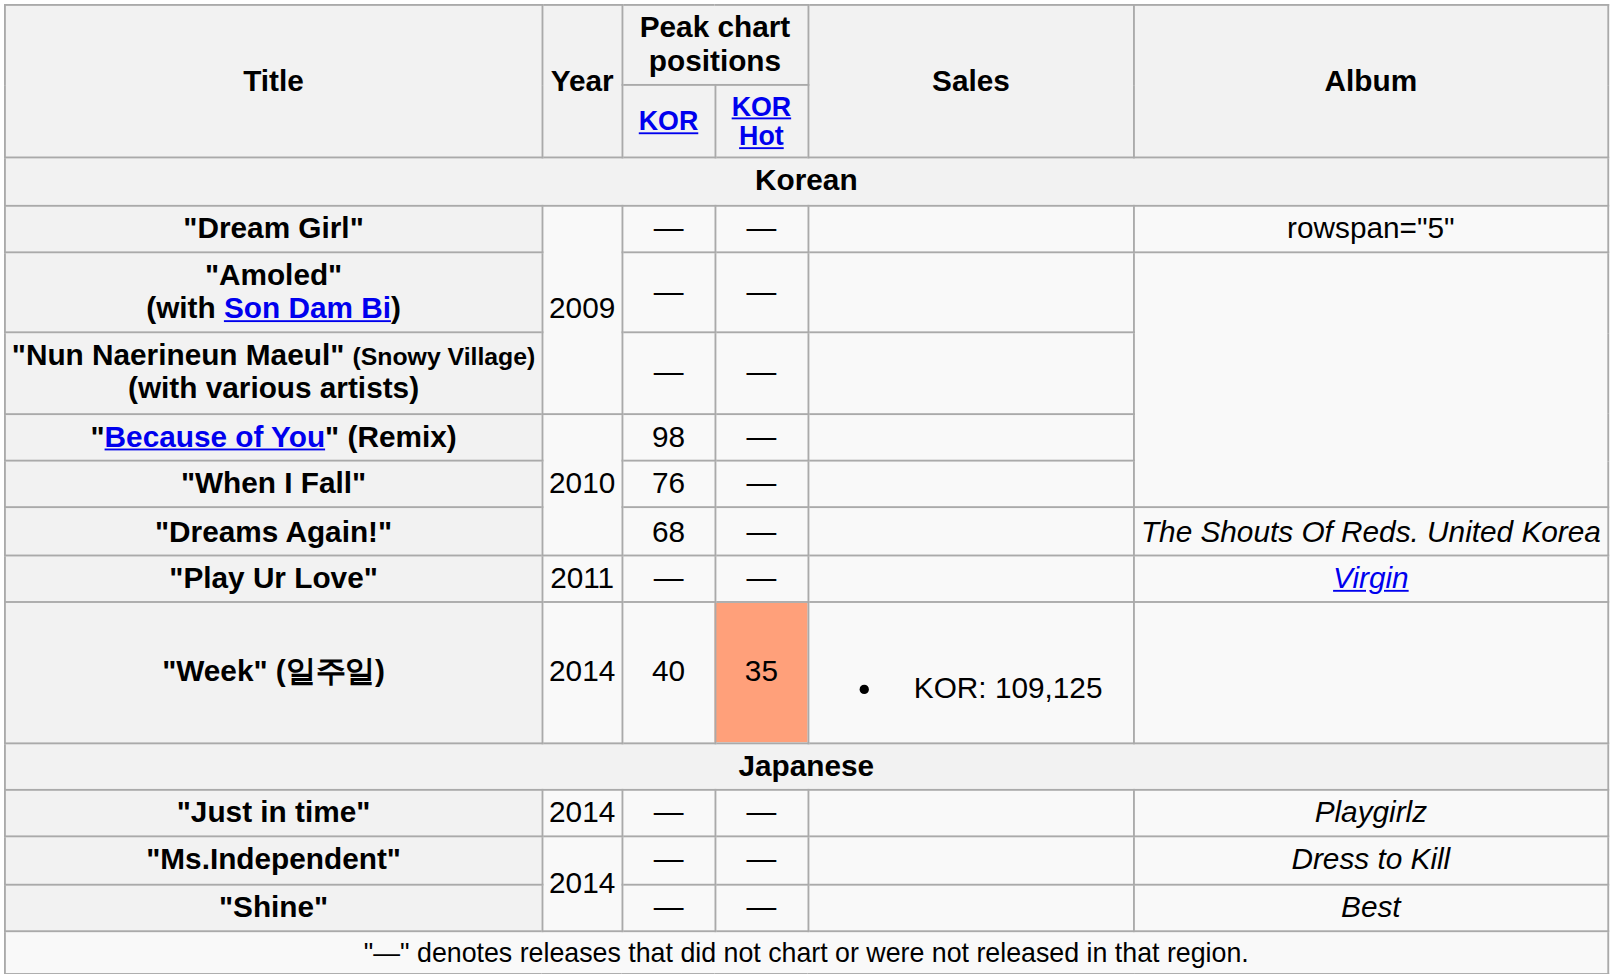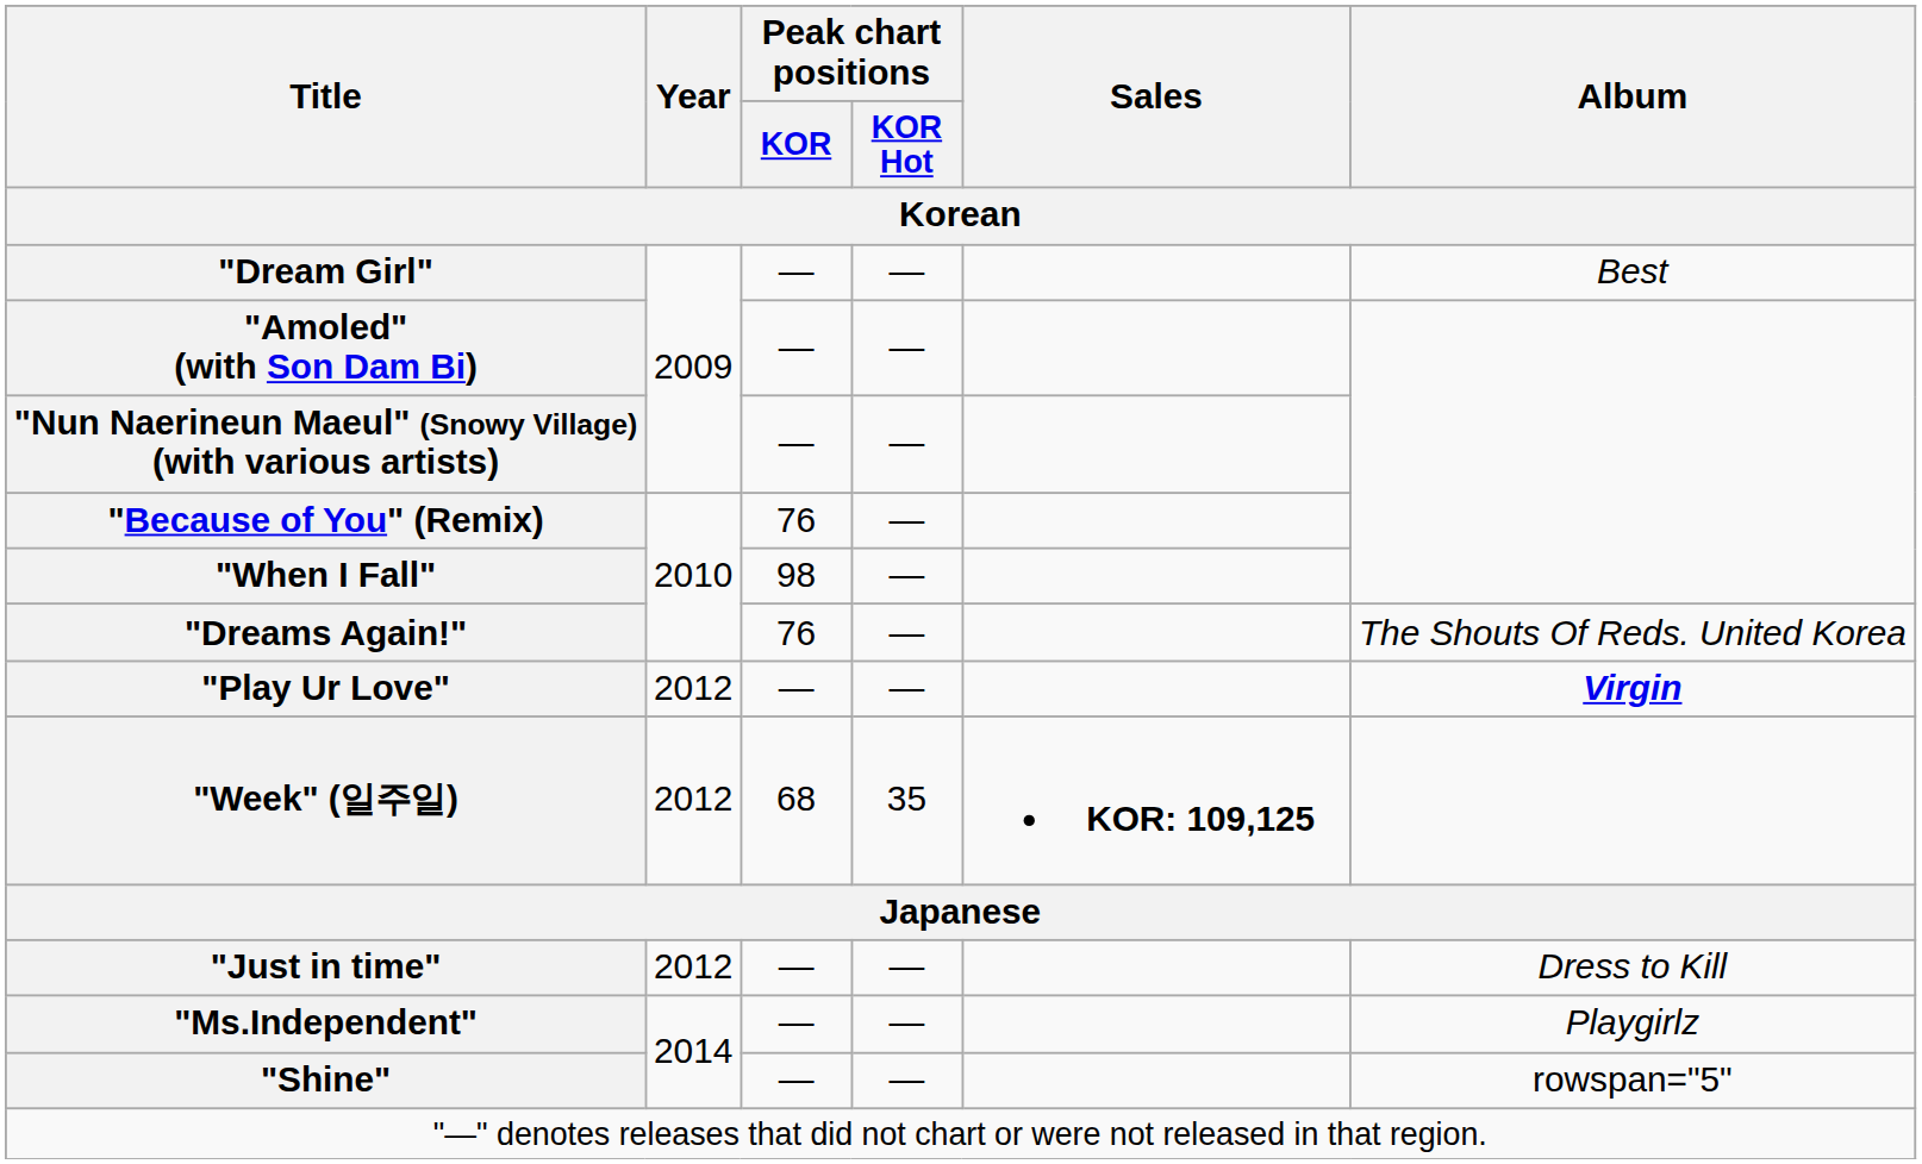 <table class="wikitable plainrowheaders" style="text-align:center;" border="1">
 <tr>
 <th scope="col" rowspan="2">Title</th>
 <th scope="col" rowspan="2">Year</th>
 <th scope="col" colspan="2">Peak chart positions</th>
 <th scope="col" rowspan="2" style="width:10.5em;">Sales</th>
 <th scope="col" rowspan="2">Album</th>
 </tr>
 <tr>
 <th style="width:3em;font-size:90%"><a href='#'>KOR</a><br></th>
 <th style="width:3em;font-size:90%"><a href='#'>KOR<br>Hot</a><br></th>
 </tr>
 <tr>
 <th scope="col" colspan="10">Korean</th>
 </tr>
 <tr>
 <th scope="row">"Dream Girl"</th>
 <td rowspan="3">2009</td>
 <td>—</td>
 <td>—</td>
 <td></td>
-<td>rowspan="5" </td>
+<td><em>Best</em></td>
 </tr>
 <tr>
 <th scope="row">"Amoled" <br><span>(with <a href='#'>Son Dam Bi</a>)</span></th>
 <td>—</td>
 <td>—</td>
 <td></td>
 </tr>
 <tr>
 <th scope="row">"Nun Naerineun Maeul" <small>(Snowy Village)</small><br><span>(with various artists)</span></th>
 <td>—</td>
 <td>—</td>
 <td></td>
 </tr>
 <tr>
 <th scope="row">"<a href='#'>Because of You</a>" (Remix)</th>
 <td rowspan="3">2010</td>
+<td>76</td>
+<td>—</td>
+<td></td>
+</tr>
+<tr>
+<th scope="row">"When I Fall"</th>
 <td>98</td>
 <td>—</td>
 <td></td>
 </tr>
 <tr>
-<th scope="row">"When I Fall"</th>
+<th scope="row">"Dreams Again!"</th>
 <td>76</td>
-<td>—</td>
-<td></td>
-</tr>
-<tr>
-<th scope="row">"Dreams Again!"</th>
-<td>68</td>
 <td>—</td>
 <td></td>
 <td><em>The Shouts Of Reds. United Korea</em></td>
 </tr>
 <tr>
 <th scope="row">"Play Ur Love"</th>
-<td>2011</td>
+<td>2012</td>
 <td>—</td>
 <td>—</td>
 <td></td>
-<td><em><a href='#'>Virgin</a></em></td>
+<td><strong><em><a href='#'>Virgin</a></em></strong></td>
 </tr>
 <tr>
 <th scope="row">"Week" (일주일)</th>
-<td>2014</td>
-<td>40</td>
-<td style="background: lightsalmon;">35</td>
-<td><br><ul><li>KOR: 109,125</li></ul></td>
+<td>2012</td>
+<td>68</td>
+<td>35</td>
+<td><strong><br><ul><li>KOR: 109,125</li></ul></strong></td>
 <td></td>
 </tr>
 <tr>
 <th scope="col" colspan="10">Japanese</th>
 </tr>
 <tr>
 <th scope="row">"Just in time"</th>
-<td>2014</td>
+<td>2012</td>
 <td>—</td>
 <td>—</td>
 <td></td>
-<td><em>Playgirlz</em></td>
+<td><em>Dress to Kill</em></td>
 </tr>
 <tr>
 <th scope="row">"Ms.Independent"</th>
 <td rowspan="2">2014</td>
 <td>—</td>
 <td>—</td>
 <td></td>
-<td><em>Dress to Kill</em></td>
+<td><em>Playgirlz</em></td>
 </tr>
 <tr>
 <th scope="row">"Shine"</th>
 <td>—</td>
 <td>—</td>
 <td></td>
-<td><em>Best</em></td>
+<td>rowspan="5" </td>
 </tr>
 <tr>
 <td colspan="8" style="font-size:90%">"—" denotes releases that did not chart or were not released in that region.</td>
 </tr>
 </table>
